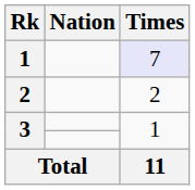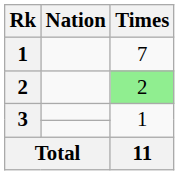 <table class="wikitable sortable" style="text-align: center;">
 <tr>
 <th>Rk</th>
 <th>Nation</th>
 <th>Times</th>
 </tr>
 <tr>
 <th>1</th>
 <td></td>
-<td style="background: lavender;">7</td>
+<td>7</td>
 </tr>
 <tr>
 <th>2</th>
 <td></td>
-<td>2</td>
+<td style="background: lightgreen;">2</td>
 </tr>
 <tr>
 <th rowspan=2>3</th>
 <td></td>
 <td rowspan=2>1</td>
 </tr>
 <tr>
 <td></td>
 </tr>
 <tr class="sortbottom">
 <th colspan="2">Total</th>
 <th>11</th>
 </tr>
 </table>
